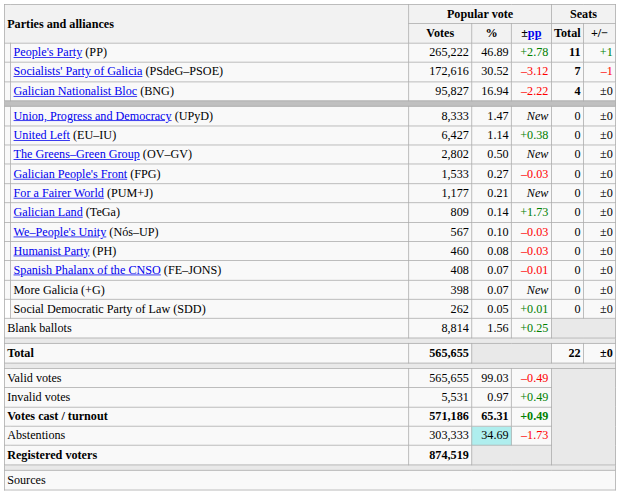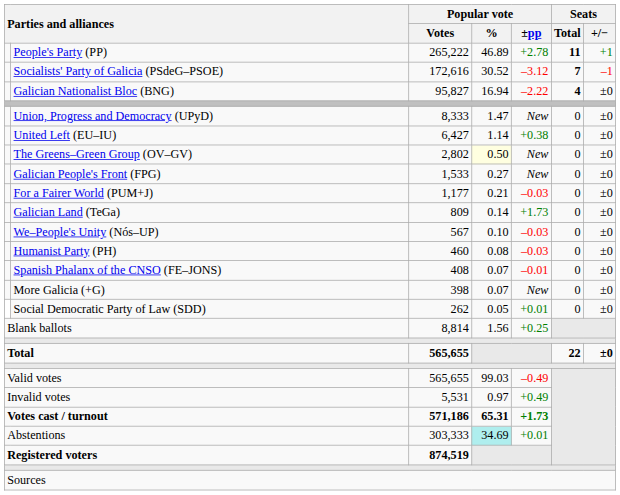 <table class="wikitable" style="text-align:right;">
 <tr>
 <th style="text-align:left;" rowspan="2" colspan="2" width="525">Parties and alliances</th>
 <th colspan="3">Popular vote</th>
 <th colspan="2">Seats</th>
 </tr>
 <tr>
 <th width="75">Votes</th>
 <th width="45">%</th>
 <th width="45">±<a href='#'>pp</a></th>
 <th width="35">Total</th>
 <th width="35">+/−</th>
 </tr>
 <tr>
 <td width="1" style="color:inherit;background:"></td>
 <td align="left"><a href='#'>People's Party</a> (PP)</td>
 <td>265,222</td>
 <td>46.89</td>
 <td style="color:green;">+2.78</td>
 <td><strong>11</strong></td>
 <td style="color:green;">+1</td>
 </tr>
 <tr>
 <td style="color:inherit;background:"></td>
 <td align="left"><a href='#'>Socialists' Party of Galicia</a> (PSdeG–PSOE)</td>
 <td>172,616</td>
 <td>30.52</td>
 <td style="color:red;">–3.12</td>
 <td><strong>7</strong></td>
 <td style="color:red;">–1</td>
 </tr>
 <tr>
 <td style="color:inherit;background:"></td>
 <td align="left"><a href='#'>Galician Nationalist Bloc</a> (BNG)</td>
 <td>95,827</td>
 <td>16.94</td>
 <td style="color:red;">–2.22</td>
 <td><strong>4</strong></td>
 <td>±0</td>
 </tr>
 <tr>
 <td colspan="7" bgcolor="#C0C0C0"></td>
 </tr>
 <tr>
 <td style="color:inherit;background:"></td>
 <td align="left"><a href='#'>Union, Progress and Democracy</a> (UPyD)</td>
 <td>8,333</td>
 <td>1.47</td>
 <td><em>New</em></td>
 <td>0</td>
 <td>±0</td>
 </tr>
 <tr>
 <td style="color:inherit;background:"></td>
 <td align="left"><a href='#'>United Left</a> (EU–IU)</td>
 <td>6,427</td>
 <td>1.14</td>
 <td style="color:green;">+0.38</td>
 <td>0</td>
 <td>±0</td>
 </tr>
 <tr>
 <td style="color:inherit;background:"></td>
 <td align="left"><a href='#'>The Greens–Green Group</a> (OV–GV)</td>
 <td>2,802</td>
-<td>0.50</td>
+<td style="background: lightyellow;">0.50</td>
 <td><em>New</em></td>
 <td>0</td>
 <td>±0</td>
 </tr>
 <tr>
 <td style="color:inherit;background:"></td>
 <td align="left"><a href='#'>Galician People's Front</a> (FPG)</td>
 <td>1,533</td>
 <td>0.27</td>
-<td style="color:red;">–0.03</td>
+<td><em>New</em></td>
 <td>0</td>
 <td>±0</td>
 </tr>
 <tr>
 <td style="color:inherit;background:"></td>
 <td align="left"><a href='#'>For a Fairer World</a> (PUM+J)</td>
 <td>1,177</td>
 <td>0.21</td>
-<td><em>New</em></td>
+<td style="color:red;">–0.03</td>
 <td>0</td>
 <td>±0</td>
 </tr>
 <tr>
 <td style="color:inherit;background:"></td>
 <td align="left"><a href='#'>Galician Land</a> (TeGa)</td>
 <td>809</td>
 <td>0.14</td>
 <td style="color:green;">+1.73</td>
 <td>0</td>
 <td>±0</td>
 </tr>
 <tr>
 <td style="color:inherit;background:"></td>
 <td align="left"><a href='#'>We–People's Unity</a> (Nós–UP)</td>
 <td>567</td>
 <td>0.10</td>
 <td style="color:red;">–0.03</td>
 <td>0</td>
 <td>±0</td>
 </tr>
 <tr>
 <td style="color:inherit;background:"></td>
 <td align="left"><a href='#'>Humanist Party</a> (PH)</td>
 <td>460</td>
 <td>0.08</td>
 <td style="color:red;">–0.03</td>
 <td>0</td>
 <td>±0</td>
 </tr>
 <tr>
 <td style="color:inherit;background:"></td>
 <td align="left"><a href='#'>Spanish Phalanx of the CNSO</a> (FE–JONS)</td>
 <td>408</td>
 <td>0.07</td>
 <td style="color:red;">–0.01</td>
 <td>0</td>
 <td>±0</td>
 </tr>
 <tr>
 <td style="color:inherit;background:"></td>
 <td align="left">More Galicia (+G)</td>
 <td>398</td>
 <td>0.07</td>
 <td><em>New</em></td>
 <td>0</td>
 <td>±0</td>
 </tr>
 <tr>
 <td bgcolor="white"></td>
 <td align="left">Social Democratic Party of Law (SDD)</td>
 <td>262</td>
 <td>0.05</td>
 <td style="color:green;">+0.01</td>
 <td>0</td>
 <td>±0</td>
 </tr>
 <tr>
 <td align="left" colspan="2">Blank ballots</td>
 <td>8,814</td>
 <td>1.56</td>
 <td style="color:green;">+0.25</td>
 <td bgcolor="#E9E9E9" colspan="2"></td>
 </tr>
 <tr>
 <td colspan="7" bgcolor="#E9E9E9"></td>
 </tr>
 <tr style="font-weight:bold;">
 <td align="left" colspan="2">Total</td>
 <td>565,655</td>
 <td bgcolor="#E9E9E9" colspan="2"></td>
 <td>22</td>
 <td>±0</td>
 </tr>
 <tr>
 <td colspan="7" bgcolor="#E9E9E9"></td>
 </tr>
 <tr>
 <td align="left" colspan="2">Valid votes</td>
 <td>565,655</td>
 <td>99.03</td>
 <td style="color:red;">–0.49</td>
 <td bgcolor="#E9E9E9" colspan="7" rowspan="5"></td>
 </tr>
 <tr>
 <td align="left" colspan="2">Invalid votes</td>
 <td>5,531</td>
 <td>0.97</td>
 <td style="color:green;">+0.49</td>
 </tr>
 <tr style="font-weight:bold;">
 <td align="left" colspan="2">Votes cast / turnout</td>
 <td>571,186</td>
 <td>65.31</td>
-<td style="color:green;">+0.49</td>
+<td style="color:green;">+1.73</td>
 </tr>
 <tr>
 <td align="left" colspan="2">Abstentions</td>
 <td>303,333</td>
 <td style="background: paleturquoise;">34.69</td>
-<td style="color:red;">–1.73</td>
+<td style="color:green;">+0.01</td>
 </tr>
 <tr style="font-weight:bold;">
 <td align="left" colspan="2">Registered voters</td>
 <td>874,519</td>
 <td bgcolor="#E9E9E9" colspan="2"></td>
 </tr>
 <tr>
 <td colspan="7" bgcolor="#E9E9E9"></td>
 </tr>
 <tr>
 <td align="left" colspan="7">Sources</td>
 </tr>
 </table>
